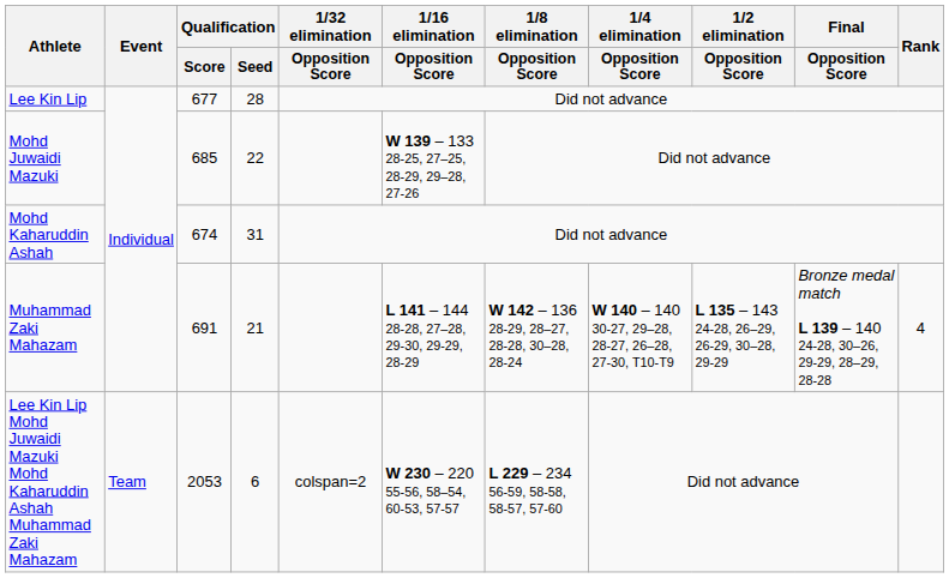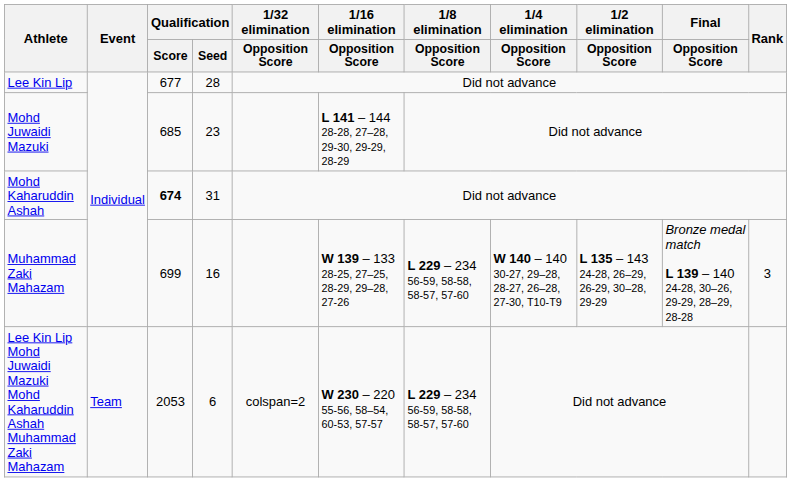 <table class="wikitable" style="text-align:center; font-size:90%">
 <tr>
 <th rowspan="2">Athlete</th>
 <th rowspan="2">Event</th>
 <th colspan="2">Qualification</th>
 <th width="11%">1/32 elimination</th>
 <th width="11%">1/16 elimination</th>
 <th width="11%">1/8 elimination</th>
 <th width="11%">1/4 elimination</th>
 <th width="11%">1/2 elimination</th>
 <th width="11%">Final</th>
 <th rowspan="2">Rank</th>
 </tr>
 <tr style="font-size:95%">
 <th>Score</th>
 <th>Seed</th>
 <th>Opposition<br>Score</th>
 <th>Opposition<br>Score</th>
 <th>Opposition<br>Score</th>
 <th>Opposition<br>Score</th>
 <th>Opposition<br>Score</th>
 <th>Opposition<br>Score</th>
 </tr>
 <tr>
 <td align=left><a href='#'>Lee Kin Lip</a></td>
 <td align=left rowspan=4><a href='#'>Individual</a></td>
 <td>677</td>
 <td>28</td>
 <td colspan=7>Did not advance</td>
 </tr>
 <tr>
 <td align=left><a href='#'>Mohd Juwaidi Mazuki</a></td>
 <td>685</td>
-<td>22 <strong></strong></td>
+<td>23 <strong></strong></td>
 <td></td>
-<td align=left><br><strong>W 139</strong> – 133<br><small>28-25, 27–25,<br>28-29, 29–28,<br>27-26</small></td>
+<td align=left><br><strong>L 141</strong> – 144<br><small>28-28, 27–28,<br>29-30, 29-29,<br>28-29</small></td>
 <td colspan=5>Did not advance</td>
 </tr>
 <tr>
 <td align=left><a href='#'>Mohd Kaharuddin Ashah</a></td>
-<td>674</td>
+<td><strong>674</strong></td>
 <td>31</td>
 <td colspan=7>Did not advance</td>
 </tr>
 <tr>
 <td align=left><a href='#'>Muhammad Zaki Mahazam</a></td>
-<td>691</td>
-<td>21 <strong></strong></td>
+<td>699</td>
+<td>16 <strong></strong></td>
 <td></td>
-<td align=left><br><strong>L 141</strong> – 144<br><small>28-28, 27–28,<br>29-30, 29-29,<br>28-29</small></td>
-<td align=left><br><strong>W 142</strong> – 136<br><small>28-29, 28–27,<br>28-28, 30–28,<br>28-24</small></td>
+<td align=left><br><strong>W 139</strong> – 133<br><small>28-25, 27–25,<br>28-29, 29–28,<br>27-26</small></td>
+<td align=left><br><strong>L 229</strong> – 234<br><small>56-59, 58-58,<br>58-57, 57-60</small></td>
 <td align=left><br><strong>W 140</strong> – 140<br><small>30-27, 29–28,<br>28-27, 26–28,<br>27-30, T10-T9</small></td>
 <td align=left><br><strong>L 135</strong> – 143<br><small>24-28, 26–29,<br>26-29, 30–28,<br>29-29</small></td>
 <td align=left><em>Bronze medal match</em><br><br><strong>L 139</strong> – 140<br><small>24-28, 30–26,<br>29-29, 28–29,<br>28-28</small></td>
-<td>4</td>
+<td>3</td>
 </tr>
 <tr>
 <td align=left><a href='#'>Lee Kin Lip</a><br><a href='#'>Mohd Juwaidi Mazuki</a><br><a href='#'>Mohd Kaharuddin Ashah</a><br><a href='#'>Muhammad Zaki Mahazam</a></td>
 <td align=left><a href='#'>Team</a></td>
 <td>2053</td>
 <td>6 <strong></strong></td>
 <td>colspan=2 </td>
 <td align=left><br><strong>W 230</strong> – 220<br><small>55-56, 58–54,<br>60-53, 57-57</small></td>
 <td align=left><br><strong>L 229</strong> – 234<br><small>56-59, 58-58,<br>58-57, 57-60</small></td>
 <td colspan=3>Did not advance</td>
 </tr>
 </table>
